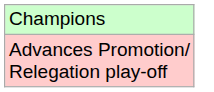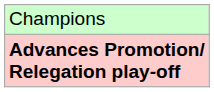 <table class="wikitable">
 <tr style="width:10px; background:#cfc;">
 <td>Champions</td>
 </tr>
 <tr style="width:10px; background:#fcc;">
-<td>Advances Promotion/<br>Relegation play-off</td>
+<td><strong>Advances Promotion/<br>Relegation play-off</strong></td>
 </tr>
 </table>
